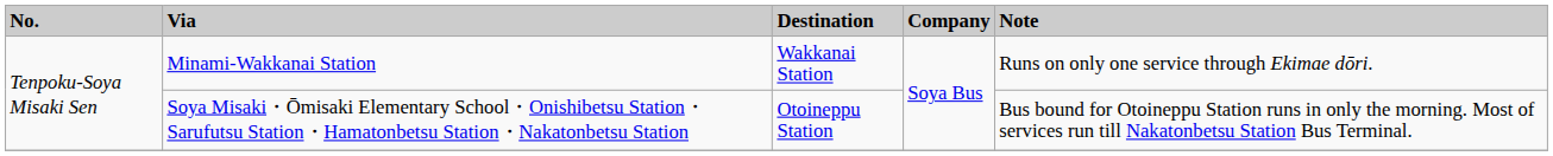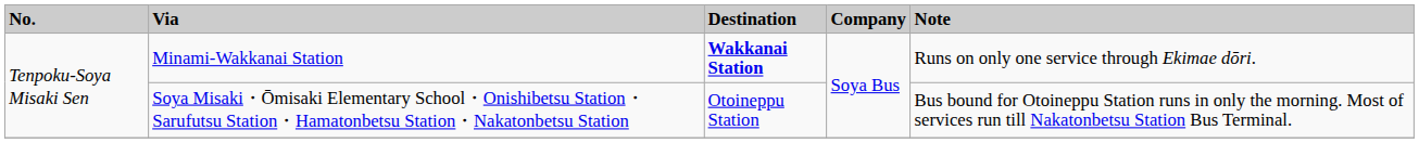 <table class="wikitable">
 <tr>
 <td bgcolor="#cccccc"; style="font-weight: bold;">No.</td>
 <td bgcolor="#cccccc"; style="font-weight: bold;">Via</td>
 <td bgcolor="#cccccc"; style="font-weight: bold;">Destination</td>
 <td bgcolor="#cccccc"; style="font-weight: bold;">Company</td>
 <td bgcolor="#cccccc"; style="font-weight: bold;">Note</td>
 </tr>
 <tr>
 <td rowspan="2"><em>Tenpoku-Soya　Misaki Sen</em></td>
 <td><a href='#'>Minami-Wakkanai Station</a></td>
-<td><a href='#'>Wakkanai Station</a></td>
+<td><strong><a href='#'>Wakkanai Station</a></strong></td>
 <td rowspan="2"><a href='#'>Soya Bus</a></td>
 <td>Runs on only one service through <em>Ekimae dōri</em>.</td>
 </tr>
 <tr>
 <td><a href='#'>Soya Misaki</a>・Ōmisaki Elementary School・<a href='#'>Onishibetsu Station</a>・<a href='#'>Sarufutsu Station</a>・<a href='#'>Hamatonbetsu Station</a>・<a href='#'>Nakatonbetsu Station</a></td>
 <td><a href='#'>Otoineppu Station</a></td>
 <td>Bus bound for Otoineppu Station runs in only the morning. Most of services run till <a href='#'>Nakatonbetsu Station</a> Bus Terminal.</td>
 </tr>
 <tr>
 </tr>
 </table>
